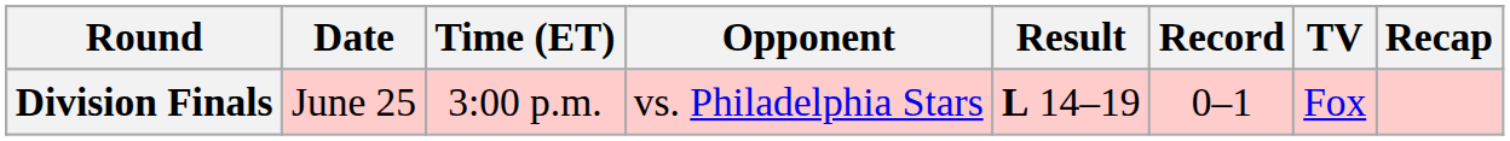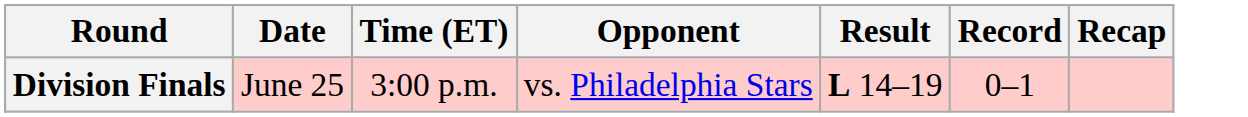 <table class="wikitable" style="text-align:center">
 <tr>
 <th>Round</th>
 <th>Date</th>
 <th>Time (ET)</th>
 <th>Opponent</th>
 <th>Result</th>
 <th>Record</th>
-<th>TV</th>
 <th>Recap</th>
 </tr>
 <tr style="background:#ffcccc">
 <th>Division Finals</th>
 <td>June 25</td>
 <td>3:00 p.m.</td>
 <td>vs. <a href='#'>Philadelphia Stars</a></td>
 <td><strong>L</strong> 14–19</td>
 <td>0–1</td>
-<td><a href='#'>Fox</a></td>
 <td></td>
 </tr>
 </table>
